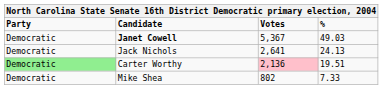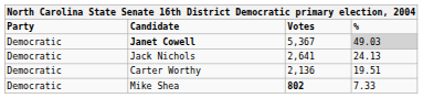 <table class="wikitable">
 <tr>
 <th colspan="4">North Carolina State Senate 16th District Democratic primary election, 2004</th>
 </tr>
 <tr>
 <td><strong>Party</strong></td>
 <td><strong>Candidate</strong></td>
 <td><strong>Votes</strong></td>
 <td><strong>%</strong></td>
 </tr>
 <tr>
 <td>Democratic</td>
 <td><strong>Janet Cowell</strong></td>
 <td>5,367</td>
-<td>49.03</td>
+<td style="background: lightgrey;">49.03</td>
 </tr>
 <tr>
 <td>Democratic</td>
 <td>Jack Nichols</td>
 <td>2,641</td>
 <td>24.13</td>
 </tr>
 <tr>
-<td style="background: lightgreen;">Democratic</td>
+<td>Democratic</td>
 <td>Carter Worthy</td>
-<td style="background: pink;">2,136</td>
+<td>2,136</td>
 <td>19.51</td>
 </tr>
 <tr>
 <td>Democratic</td>
 <td>Mike Shea</td>
-<td>802</td>
+<td><strong>802</strong></td>
 <td>7.33</td>
 </tr>
 </table>
